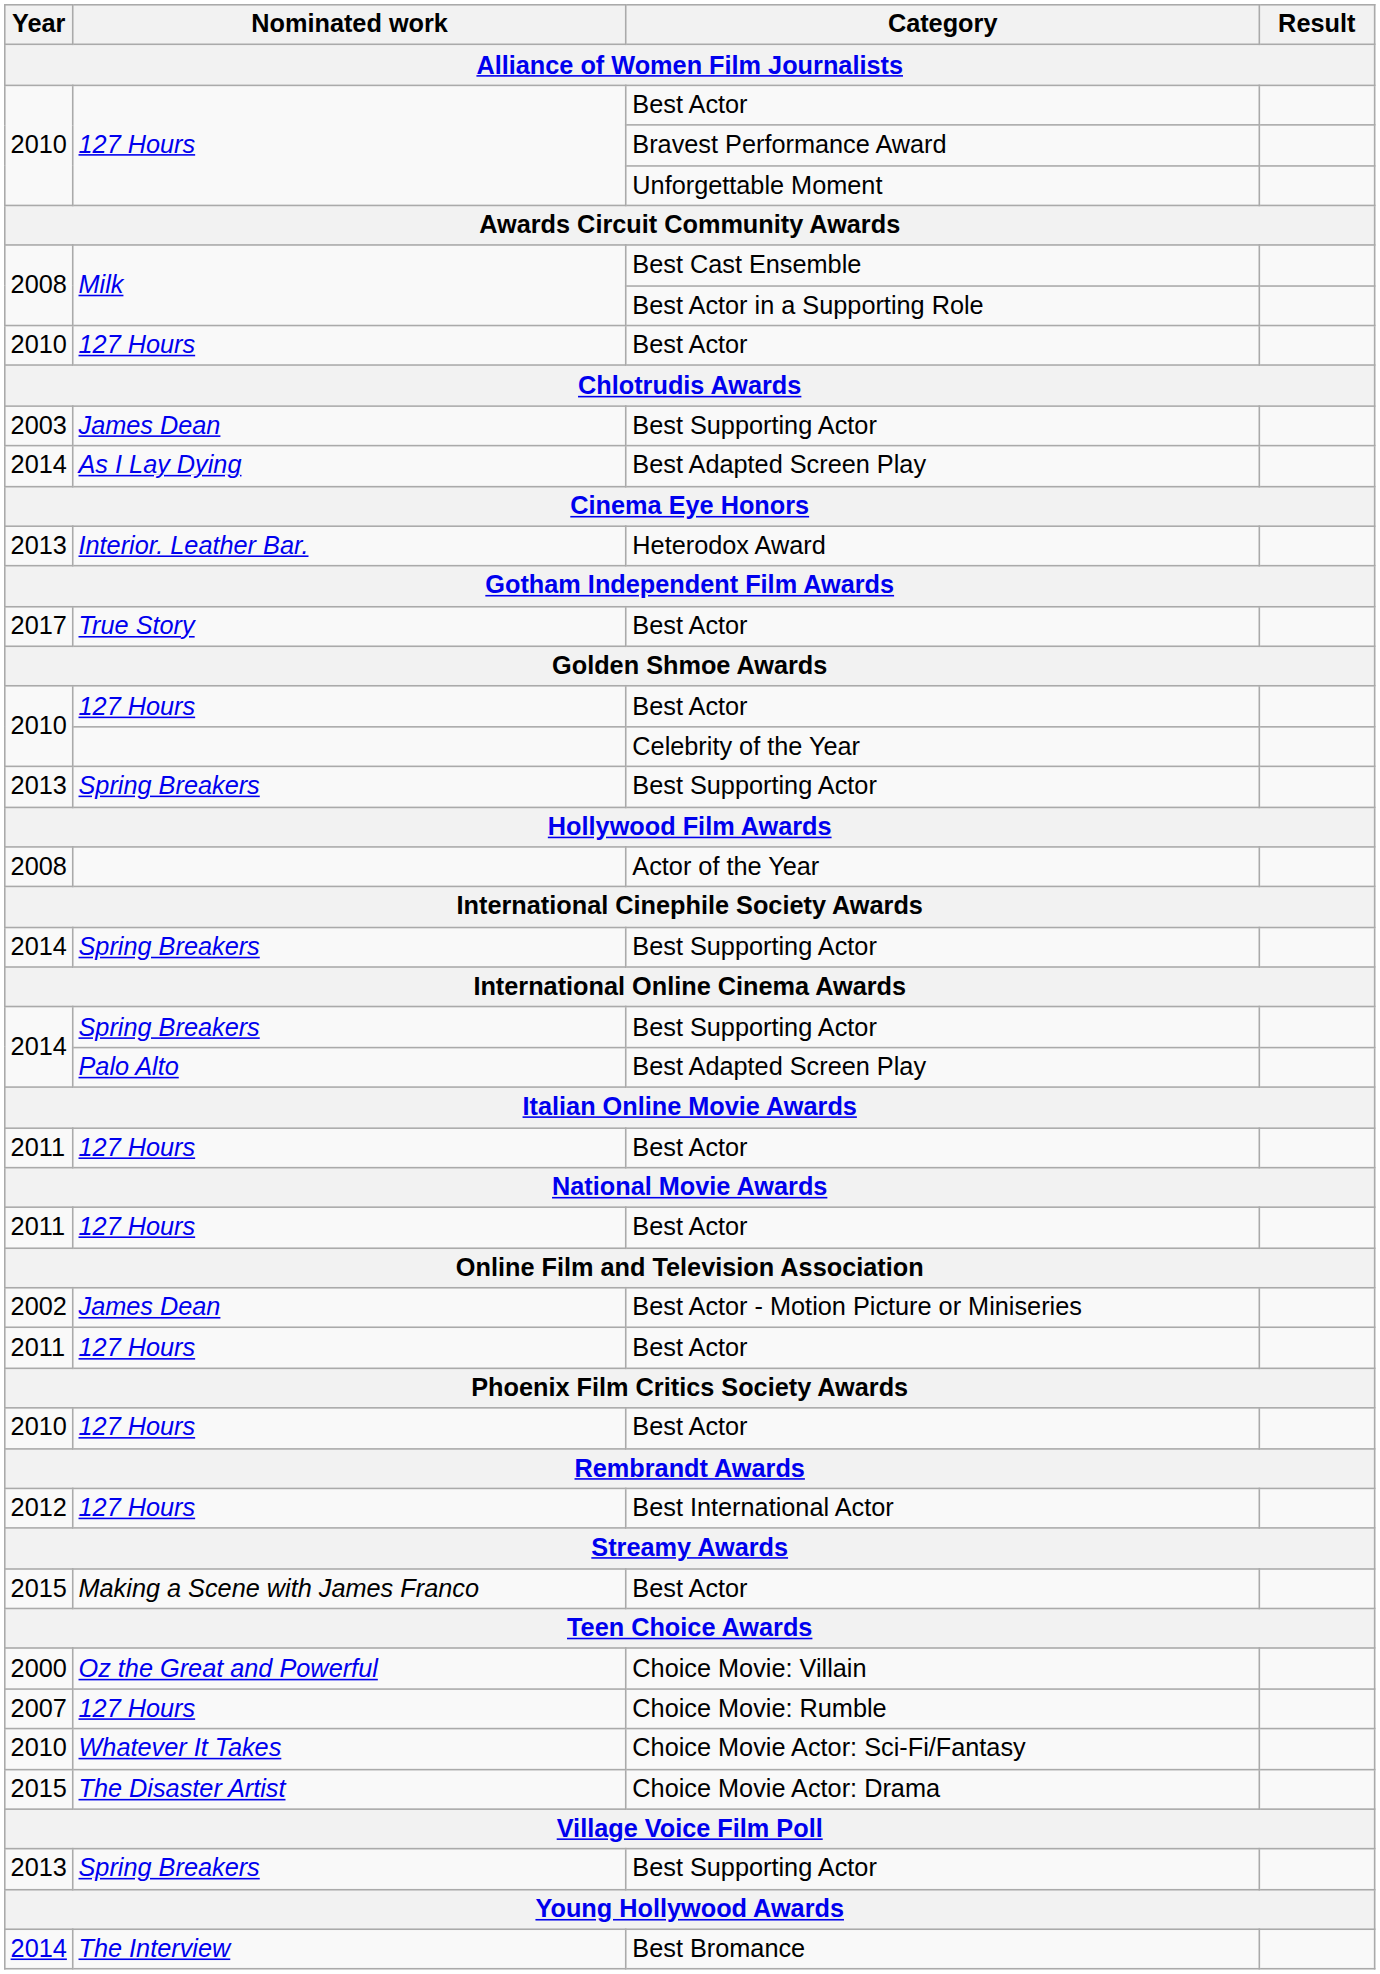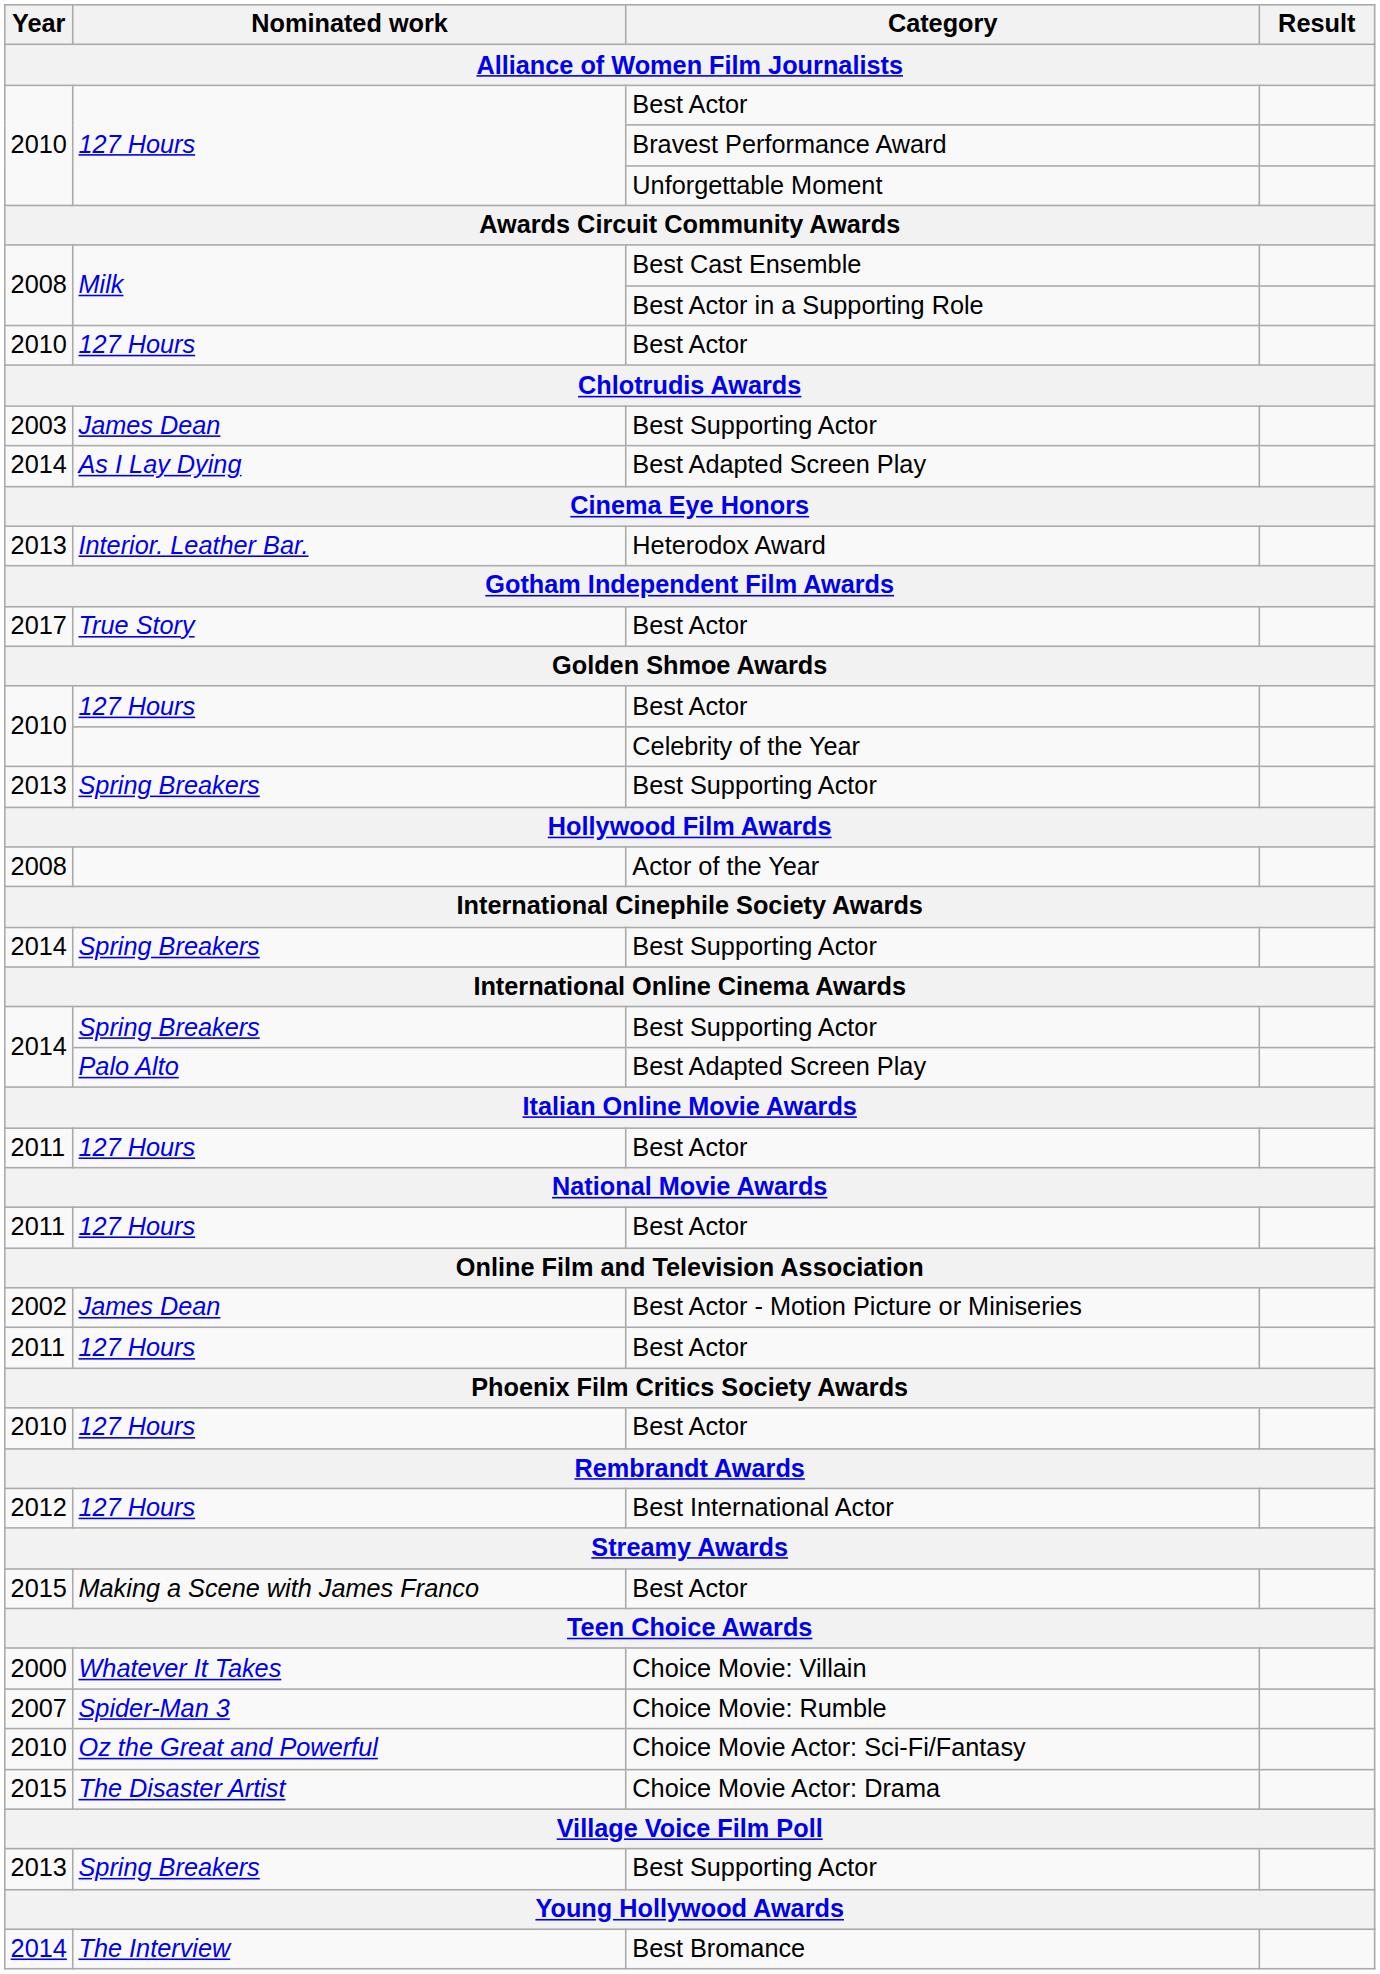 <table class="wikitable">
 <tr>
 <th scope="col" style="width:1em;">Year</th>
 <th scope="col" style="width:35em;">Nominated work</th>
 <th scope="col" style="width:40em;">Category</th>
 <th scope="col" style="width:5em;">Result</th>
 </tr>
 <tr>
 <th colspan="5"><a href='#'>Alliance of Women Film Journalists</a></th>
 </tr>
 <tr>
 <td rowspan="3">2010</td>
 <td rowspan="3"><em><a href='#'>127 Hours</a></em></td>
 <td>Best Actor</td>
 <td></td>
 </tr>
 <tr>
 <td>Bravest Performance Award</td>
 <td></td>
 </tr>
 <tr>
 <td>Unforgettable Moment</td>
 <td></td>
 </tr>
 <tr>
 <th colspan="5">Awards Circuit Community Awards</th>
 </tr>
 <tr>
 <td rowspan="2">2008</td>
 <td rowspan="2"><em><a href='#'>Milk</a></em></td>
 <td>Best Cast Ensemble</td>
 <td></td>
 </tr>
 <tr>
 <td>Best Actor in a Supporting Role</td>
 <td></td>
 </tr>
 <tr>
 <td>2010</td>
 <td><em><a href='#'>127 Hours</a></em></td>
 <td>Best Actor</td>
 <td></td>
 </tr>
 <tr>
 <th colspan="5"><a href='#'>Chlotrudis Awards</a></th>
 </tr>
 <tr>
 <td>2003</td>
 <td><em><a href='#'>James Dean</a></em></td>
 <td>Best Supporting Actor</td>
 <td></td>
 </tr>
 <tr>
 <td>2014</td>
 <td><em><a href='#'>As I Lay Dying</a></em></td>
 <td>Best Adapted Screen Play </td>
 <td></td>
 </tr>
 <tr>
 <th colspan="5"><a href='#'>Cinema Eye Honors</a></th>
 </tr>
 <tr>
 <td>2013</td>
 <td><em><a href='#'>Interior. Leather Bar.</a></em></td>
 <td>Heterodox Award </td>
 <td></td>
 </tr>
 <tr>
 <th colspan="5"><a href='#'>Gotham Independent Film Awards</a></th>
 </tr>
 <tr>
 <td>2017</td>
 <td><em><a href='#'>True Story</a></em></td>
 <td>Best Actor</td>
 <td></td>
 </tr>
 <tr>
 <th colspan="5">Golden Shmoe Awards</th>
 </tr>
 <tr>
 <td rowspan="2">2010</td>
 <td><em><a href='#'>127 Hours</a></em></td>
 <td>Best Actor</td>
 <td></td>
 </tr>
 <tr>
 <td></td>
 <td>Celebrity of the Year</td>
 <td></td>
 </tr>
 <tr>
 <td>2013</td>
 <td><em><a href='#'>Spring Breakers</a></em></td>
 <td>Best Supporting Actor</td>
 <td></td>
 </tr>
 <tr>
 <th colspan="5"><a href='#'>Hollywood Film Awards</a></th>
 </tr>
 <tr>
 <td>2008</td>
 <td></td>
 <td>Actor of the Year</td>
 <td></td>
 </tr>
 <tr>
 <th colspan="5">International Cinephile Society Awards</th>
 </tr>
 <tr>
 <td>2014</td>
 <td><em><a href='#'>Spring Breakers</a></em></td>
 <td>Best Supporting Actor</td>
 <td></td>
 </tr>
 <tr>
 <th colspan="5">International Online Cinema Awards</th>
 </tr>
 <tr>
 <td rowspan="2">2014</td>
 <td><em><a href='#'>Spring Breakers</a></em></td>
 <td>Best Supporting Actor</td>
 <td></td>
 </tr>
 <tr>
 <td><em><a href='#'>Palo Alto</a></em></td>
 <td>Best Adapted Screen Play </td>
 <td></td>
 </tr>
 <tr>
 <th colspan="5"><a href='#'>Italian Online Movie Awards</a></th>
 </tr>
 <tr>
 <td>2011</td>
 <td><em><a href='#'>127 Hours</a></em></td>
 <td>Best Actor</td>
 <td></td>
 </tr>
 <tr>
 <th colspan="5"><a href='#'>National Movie Awards</a></th>
 </tr>
 <tr>
 <td>2011</td>
 <td><em><a href='#'>127 Hours</a></em></td>
 <td>Best Actor</td>
 <td></td>
 </tr>
 <tr>
 <th colspan="5">Online Film and Television Association</th>
 </tr>
 <tr>
 <td>2002</td>
 <td><em><a href='#'>James Dean</a></em></td>
 <td>Best Actor - Motion Picture or Miniseries</td>
 <td></td>
 </tr>
 <tr>
 <td>2011</td>
 <td><em><a href='#'>127 Hours</a></em></td>
 <td>Best Actor</td>
 <td></td>
 </tr>
 <tr>
 <th colspan="5">Phoenix Film Critics Society Awards</th>
 </tr>
 <tr>
 <td>2010</td>
 <td><em><a href='#'>127 Hours</a></em></td>
 <td>Best Actor</td>
 <td></td>
 </tr>
 <tr>
 <th colspan="5"><a href='#'>Rembrandt Awards</a></th>
 </tr>
 <tr>
 <td>2012</td>
 <td><em><a href='#'>127 Hours</a></em></td>
 <td>Best International Actor</td>
 <td></td>
 </tr>
 <tr>
 <th colspan="5"><a href='#'>Streamy Awards</a></th>
 </tr>
 <tr>
 <td>2015</td>
 <td><em>Making a Scene with James Franco</em></td>
 <td>Best Actor</td>
 <td></td>
 </tr>
 <tr>
 <th colspan="5"><a href='#'>Teen Choice Awards</a></th>
 </tr>
 <tr>
 <td>2000</td>
-<td><em><a href='#'>Oz the Great and Powerful</a></em></td>
+<td><em><a href='#'>Whatever It Takes</a></em></td>
 <td>Choice Movie: Villain</td>
 <td></td>
 </tr>
 <tr>
 <td>2007</td>
-<td><em><a href='#'>127 Hours</a></em></td>
+<td><em><a href='#'>Spider-Man 3</a></em></td>
 <td>Choice Movie: Rumble</td>
 <td></td>
 </tr>
 <tr>
 <td>2010</td>
-<td><em><a href='#'>Whatever It Takes</a></em></td>
+<td><em><a href='#'>Oz the Great and Powerful</a></em></td>
 <td>Choice Movie Actor: Sci-Fi/Fantasy</td>
 <td></td>
 </tr>
 <tr>
 <td>2015</td>
 <td><em><a href='#'>The Disaster Artist</a></em></td>
 <td>Choice Movie Actor: Drama</td>
 <td></td>
 </tr>
 <tr>
 <th colspan="5"><a href='#'>Village Voice Film Poll</a></th>
 </tr>
 <tr>
 <td>2013</td>
 <td><em><a href='#'>Spring Breakers</a></em></td>
 <td>Best Supporting Actor</td>
 <td></td>
 </tr>
 <tr>
 <th colspan="5"><a href='#'>Young Hollywood Awards</a></th>
 </tr>
 <tr>
 <td><a href='#'>2014</a></td>
 <td><em><a href='#'>The Interview</a></em></td>
 <td>Best Bromance </td>
 <td></td>
 </tr>
 </table>
